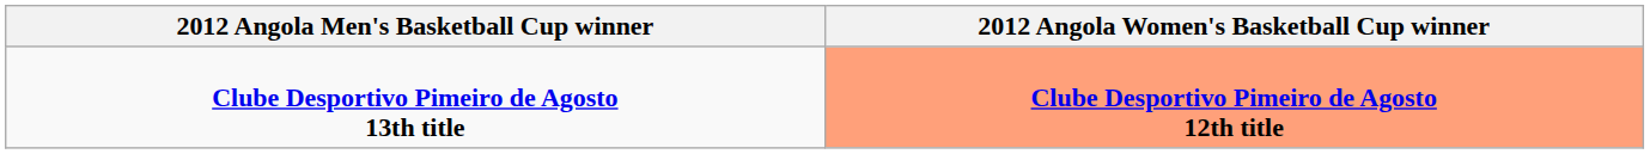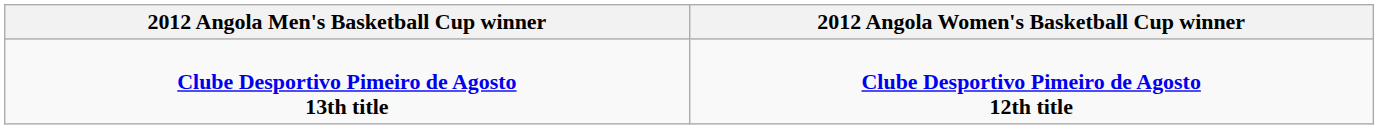 <table class=wikitable style="text-align:center; width: 1000px; margin:auto">
 <tr>
 <th width=600px>2012 Angola Men's Basketball Cup winner</th>
 <th width=600px>2012 Angola Women's Basketball Cup winner</th>
 </tr>
 <tr>
 <td><br><strong><a href='#'>Clube Desportivo Pimeiro de Agosto</a></strong><br><strong>13th title</strong></td>
-<td style="background: lightsalmon;"><br><strong><a href='#'>Clube Desportivo Pimeiro de Agosto</a></strong><br><strong>12th title</strong></td>
+<td><br><strong><a href='#'>Clube Desportivo Pimeiro de Agosto</a></strong><br><strong>12th title</strong></td>
 </tr>
 </table>
